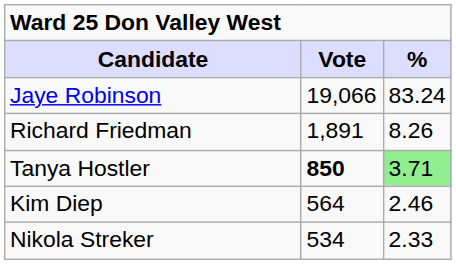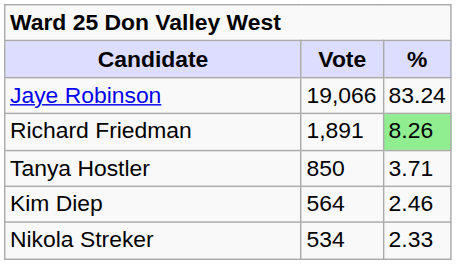 <table class="wikitable plainrowheaders">
 <tr>
 <td colspan="3"><strong>Ward 25 Don Valley West</strong></td>
 </tr>
 <tr>
 <th style="background:#ddf; width:200px;">Candidate</th>
 <th style="background:#ddf; width:50px;">Vote</th>
 <th style="background:#ddf; width:30px;">%</th>
 </tr>
 <tr>
 <td><a href='#'>Jaye Robinson</a></td>
 <td>19,066</td>
 <td>83.24</td>
 </tr>
 <tr>
 <td>Richard Friedman</td>
 <td>1,891</td>
-<td>8.26</td>
+<td style="background: lightgreen;">8.26</td>
 </tr>
 <tr>
 <td>Tanya Hostler</td>
-<td><strong>850</strong></td>
-<td style="background: lightgreen;">3.71</td>
+<td>850</td>
+<td>3.71</td>
 </tr>
 <tr>
 <td>Kim Diep</td>
 <td>564</td>
 <td>2.46</td>
 </tr>
 <tr>
 <td>Nikola Streker</td>
 <td>534</td>
 <td>2.33</td>
 </tr>
 </table>
